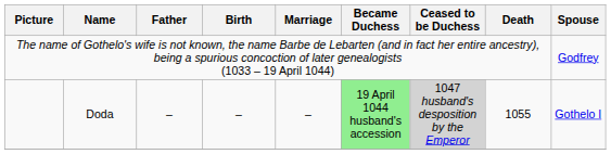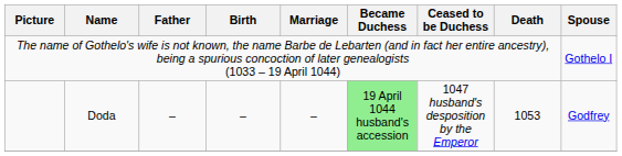 <table width=95% class="wikitable">
 <tr>
 <th width = "8%">Picture</th>
 <th width = "10%">Name</th>
 <th width = "9%">Father</th>
 <th width = "10%">Birth</th>
 <th width = "9%">Marriage</th>
 <th width = "9%">Became Duchess</th>
 <th width = "9%">Ceased to be Duchess</th>
 <th width = "9%">Death</th>
 <th width = "6%">Spouse</th>
 </tr>
 <tr>
 <td align="center" colspan="8"><em>The name of Gothelo's wife is not known, the name Barbe de Lebarten (and in fact her entire ancestry), being a spurious concoction of later genealogists</em><br>(1033 – 19 April 1044)</td>
-<td align="center"><a href='#'>Godfrey</a></td>
+<td align="center"><a href='#'>Gothelo I</a></td>
 </tr>
 <tr>
 <td align="center"></td>
 <td align="center">Doda</td>
 <td align="center">–</td>
 <td align="center">–</td>
 <td align="center">–</td>
 <td align="center" style="background: lightgreen;">19 April 1044<br>husband's accession</td>
-<td align="center" style="background: lightgrey;">1047<br><em>husband's desposition by the <a href='#'>Emperor</a></em></td>
-<td align="center">1055</td>
-<td align="center"><a href='#'>Gothelo I</a></td>
+<td align="center">1047<br><em>husband's desposition by the <a href='#'>Emperor</a></em></td>
+<td align="center">1053</td>
+<td align="center"><a href='#'>Godfrey</a></td>
 </tr>
 <tr>
 </tr>
 </table>
